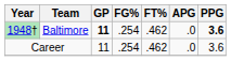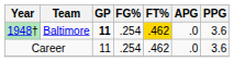 <table class="wikitable sortable" style="font-size:95%; text-align:right;">
 <tr>
 <th>Year</th>
 <th>Team</th>
 <th>GP</th>
 <th>FG%</th>
 <th>FT%</th>
 <th>APG</th>
 <th>PPG</th>
 </tr>
 <tr>
 <td style="text-align:left; background:#afe6ba;"><a href='#'>1948</a>†</td>
 <td style="text-align:left;"><a href='#'>Baltimore</a></td>
 <td><strong>11</strong></td>
 <td>.254</td>
-<td>.462</td>
+<td style="background: gold;">.462</td>
 <td>.0</td>
-<td><strong>3.6</strong></td>
+<td>3.6</td>
 </tr>
 <tr>
 <td style="text-align:center;" colspan="2">Career</td>
 <td>11</td>
 <td>.254</td>
 <td>.462</td>
 <td>.0</td>
 <td>3.6</td>
 </tr>
 <tr>
 </tr>
 </table>
